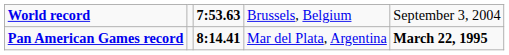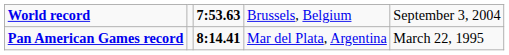 <table class="wikitable">
 <tr>
 <td><strong><a href='#'>World record</a></strong></td>
 <td></td>
 <td><strong>7:53.63</strong></td>
 <td><a href='#'>Brussels</a>, <a href='#'>Belgium</a></td>
 <td>September 3, 2004</td>
 </tr>
 <tr>
 <td><strong><a href='#'>Pan American Games record</a></strong></td>
 <td></td>
 <td><strong>8:14.41</strong></td>
 <td><a href='#'>Mar del Plata</a>, <a href='#'>Argentina</a></td>
-<td><strong>March 22, 1995</strong></td>
+<td>March 22, 1995</td>
 </tr>
 </table>
